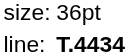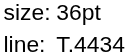 <table style="margin-left:40px;">
 <tr>
 <td>size:</td>
 <td>36pt</td>
 </tr>
 <tr>
 <td>line:</td>
-<td><strong>T.4434</strong></td>
+<td>T.4434</td>
 </tr>
 </table>
